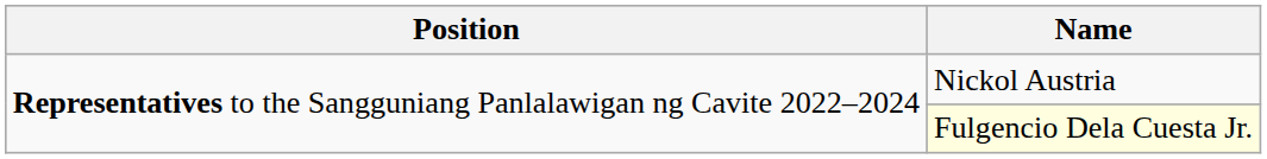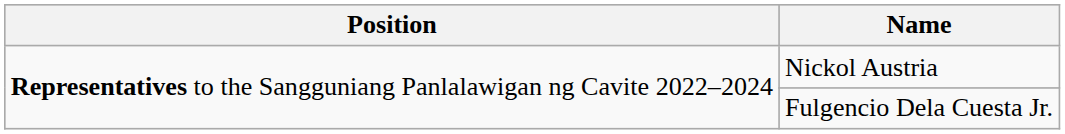 <table class="wikitable">
 <tr>
 <th>Position</th>
 <th>Name</th>
 </tr>
 <tr>
 <td rowspan=2><strong>Representatives</strong> to the Sangguniang Panlalawigan ng Cavite 2022–2024</td>
 <td>Nickol Austria</td>
 </tr>
 <tr>
-<td style="background: lightyellow;">Fulgencio Dela Cuesta Jr.</td>
+<td>Fulgencio Dela Cuesta Jr.</td>
 </tr>
 </table>
